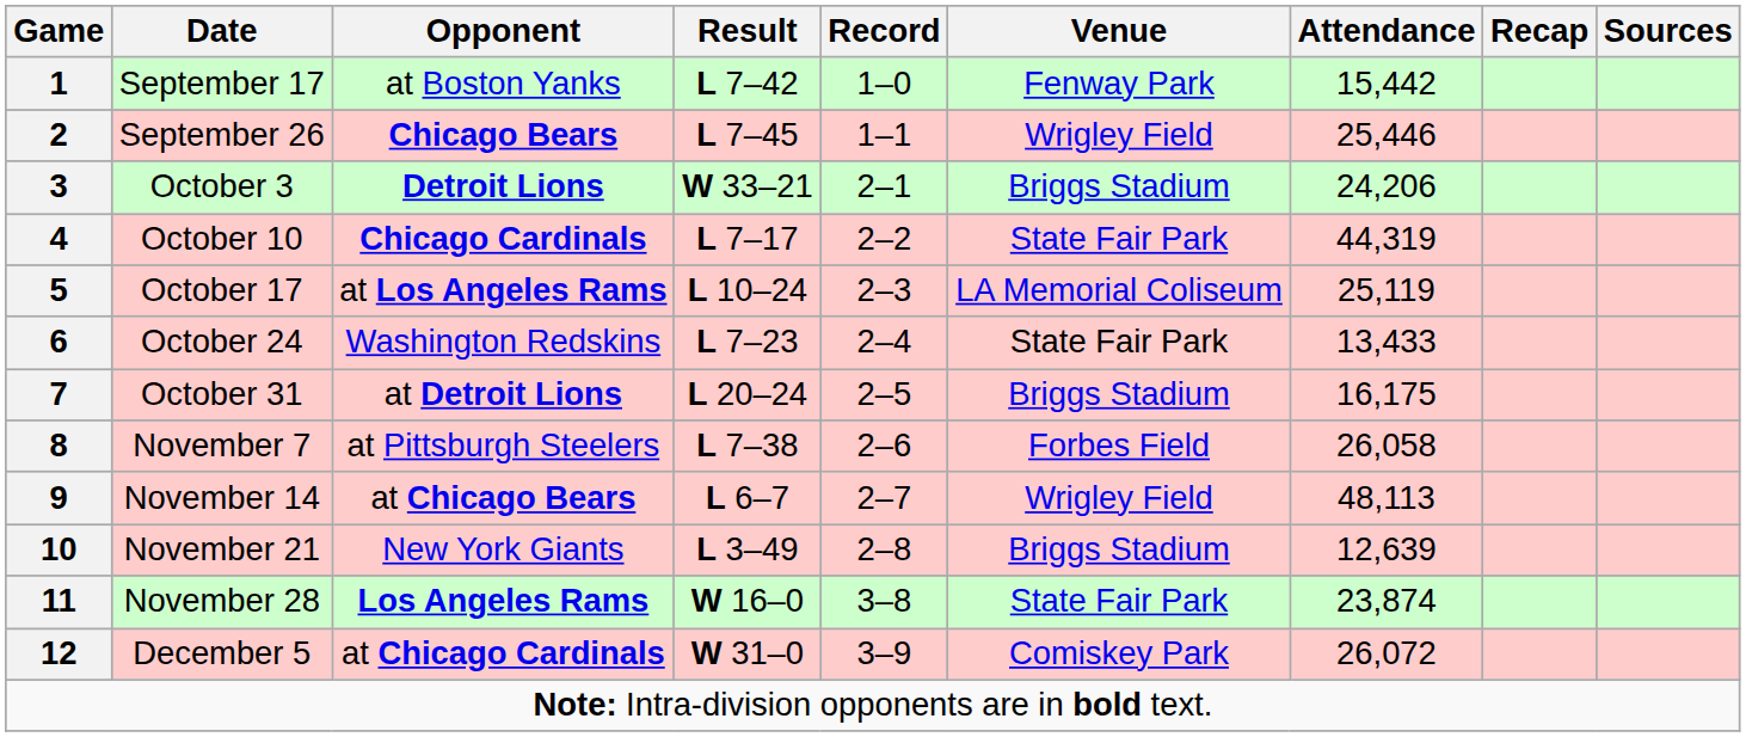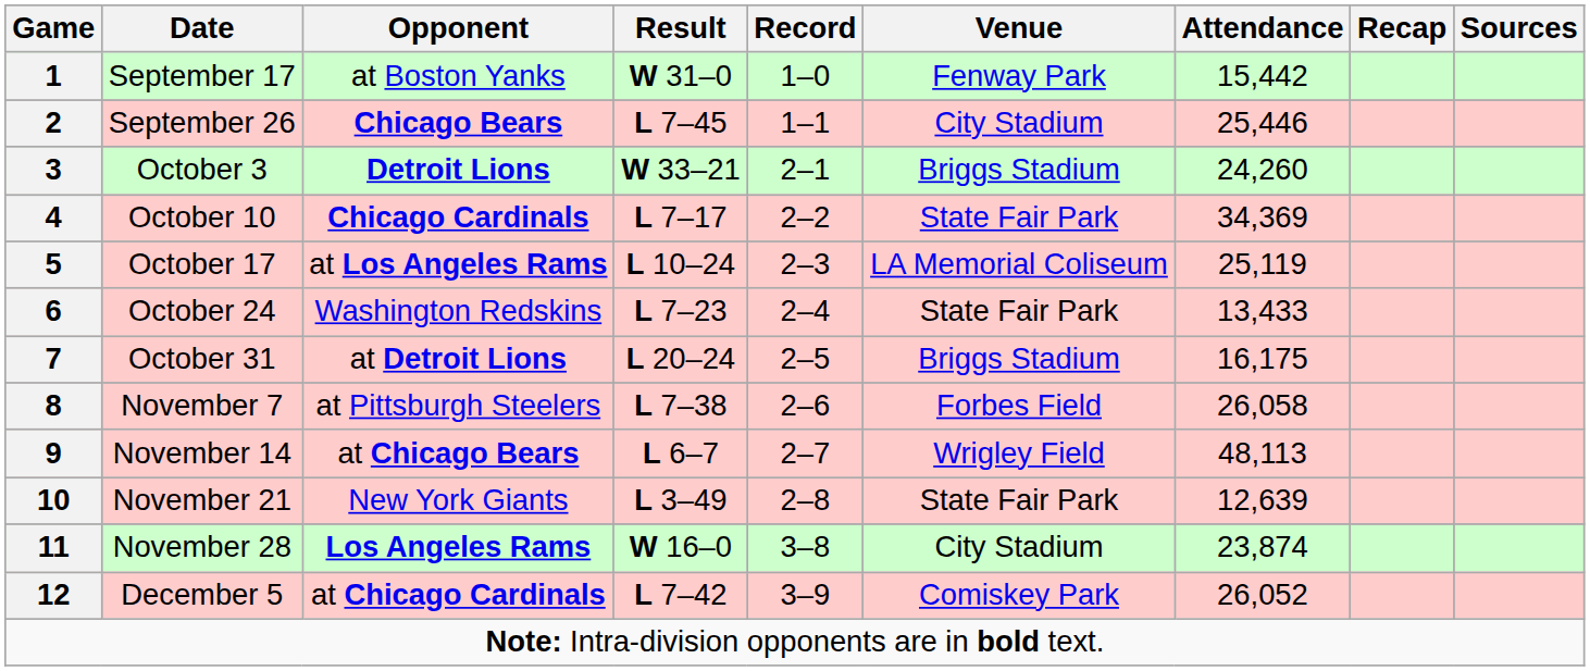 <table class="wikitable" style="text-align:center">
 <tr>
 <th>Game</th>
 <th>Date</th>
 <th>Opponent</th>
 <th>Result</th>
 <th>Record</th>
 <th>Venue</th>
 <th>Attendance</th>
 <th>Recap</th>
 <th>Sources</th>
 </tr>
 <tr style="background:#cfc">
 <th>1</th>
 <td>September 17</td>
 <td>at <a href='#'>Boston Yanks</a></td>
-<td><strong>L</strong> 7–42</td>
+<td><strong>W</strong> 31–0</td>
 <td>1–0</td>
 <td><a href='#'>Fenway Park</a></td>
 <td>15,442</td>
 <td></td>
 <td></td>
 </tr>
 <tr style="background:#fcc">
 <th>2</th>
 <td>September 26</td>
 <td><strong><a href='#'>Chicago Bears</a></strong></td>
 <td><strong>L</strong> 7–45</td>
 <td>1–1</td>
-<td><a href='#'>Wrigley Field</a></td>
+<td><a href='#'>City Stadium</a></td>
 <td>25,446</td>
 <td></td>
 <td></td>
 </tr>
 <tr style="background:#cfc">
 <th>3</th>
 <td>October 3</td>
 <td><strong><a href='#'>Detroit Lions</a></strong></td>
 <td><strong>W</strong> 33–21</td>
 <td>2–1</td>
 <td><a href='#'>Briggs Stadium</a></td>
-<td>24,206</td>
+<td>24,260</td>
 <td></td>
 <td></td>
 </tr>
 <tr style="background:#fcc">
 <th>4</th>
 <td>October 10</td>
 <td><strong><a href='#'>Chicago Cardinals</a></strong></td>
 <td><strong>L</strong> 7–17</td>
 <td>2–2</td>
 <td><a href='#'>State Fair Park</a></td>
-<td>44,319</td>
+<td>34,369</td>
 <td></td>
 <td></td>
 </tr>
 <tr style="background:#fcc">
 <th>5</th>
 <td>October 17</td>
 <td>at <strong><a href='#'>Los Angeles Rams</a></strong></td>
 <td><strong>L</strong> 10–24</td>
 <td>2–3</td>
 <td><a href='#'>LA Memorial Coliseum</a></td>
 <td>25,119</td>
 <td></td>
 <td></td>
 </tr>
 <tr style="background:#fcc">
 <th>6</th>
 <td>October 24</td>
 <td><a href='#'>Washington Redskins</a></td>
 <td><strong>L</strong> 7–23</td>
 <td>2–4</td>
 <td>State Fair Park</td>
 <td>13,433</td>
 <td></td>
 <td></td>
 </tr>
 <tr style="background:#fcc">
 <th>7</th>
 <td>October 31</td>
 <td>at <strong><a href='#'>Detroit Lions</a></strong></td>
 <td><strong>L</strong> 20–24</td>
 <td>2–5</td>
 <td><a href='#'>Briggs Stadium</a></td>
 <td>16,175</td>
 <td></td>
 <td></td>
 </tr>
 <tr style="background:#fcc">
 <th>8</th>
 <td>November 7</td>
 <td>at <a href='#'>Pittsburgh Steelers</a></td>
 <td><strong>L</strong> 7–38</td>
 <td>2–6</td>
 <td><a href='#'>Forbes Field</a></td>
 <td>26,058</td>
 <td></td>
 <td></td>
 </tr>
 <tr style="background:#fcc">
 <th>9</th>
 <td>November 14</td>
 <td>at <strong><a href='#'>Chicago Bears</a></strong></td>
 <td><strong>L</strong> 6–7</td>
 <td>2–7</td>
 <td><a href='#'>Wrigley Field</a></td>
 <td>48,113</td>
 <td></td>
 <td></td>
 </tr>
 <tr style="background:#fcc">
 <th>10</th>
 <td>November 21</td>
 <td><a href='#'>New York Giants</a></td>
 <td><strong>L</strong> 3–49</td>
 <td>2–8</td>
-<td><a href='#'>Briggs Stadium</a></td>
+<td>State Fair Park</td>
 <td>12,639</td>
 <td></td>
 <td></td>
 </tr>
 <tr style="background:#cfc">
 <th>11</th>
 <td>November 28</td>
 <td><strong><a href='#'>Los Angeles Rams</a></strong></td>
 <td><strong>W</strong> 16–0</td>
 <td>3–8</td>
-<td><a href='#'>State Fair Park</a></td>
+<td>City Stadium</td>
 <td>23,874</td>
 <td></td>
 <td></td>
 </tr>
 <tr style="background:#fcc">
 <th>12</th>
 <td>December 5</td>
 <td>at <strong><a href='#'>Chicago Cardinals</a></strong></td>
-<td><strong>W</strong> 31–0</td>
+<td><strong>L</strong> 7–42</td>
 <td>3–9</td>
 <td><a href='#'>Comiskey Park</a></td>
-<td>26,072</td>
+<td>26,052</td>
 <td></td>
 <td></td>
 </tr>
 <tr>
 <td colspan="10"><strong>Note:</strong> Intra-division opponents are in <strong>bold</strong> text.</td>
 </tr>
 </table>
